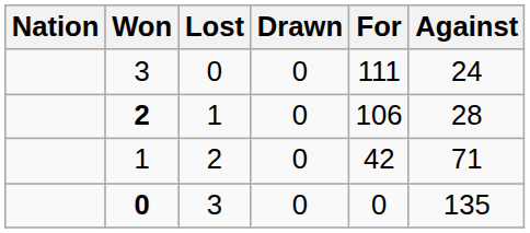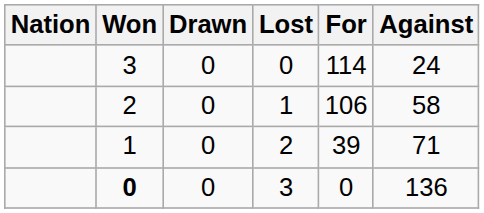 <table class="wikitable" style="text-align: center;">
 <tr>
 <th>Nation</th>
 <th>Won</th>
+<th>Drawn</th>
 <th>Lost</th>
-<th>Drawn</th>
 <th>For</th>
 <th>Against</th>
 </tr>
 <tr>
 <td align="left"></td>
 <td>3</td>
 <td>0</td>
 <td>0</td>
-<td>111</td>
+<td>114</td>
 <td>24</td>
 </tr>
 <tr>
 <td align="left"></td>
-<td><strong>2</strong></td>
+<td>2</td>
+<td>0</td>
 <td>1</td>
-<td>0</td>
 <td>106</td>
-<td>28</td>
+<td>58</td>
 </tr>
 <tr>
 <td align="left"></td>
 <td>1</td>
+<td>0</td>
 <td>2</td>
-<td>0</td>
-<td>42</td>
+<td>39</td>
 <td>71</td>
 </tr>
 <tr>
 <td align="left"></td>
 <td><strong>0</strong></td>
+<td>0</td>
 <td>3</td>
 <td>0</td>
-<td>0</td>
-<td>135</td>
+<td>136</td>
 </tr>
 </table>
